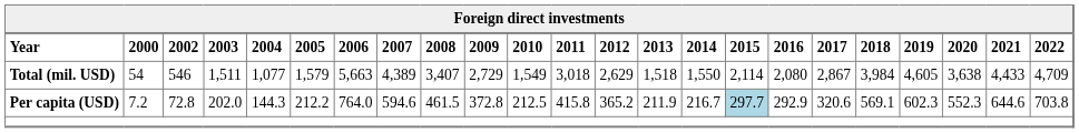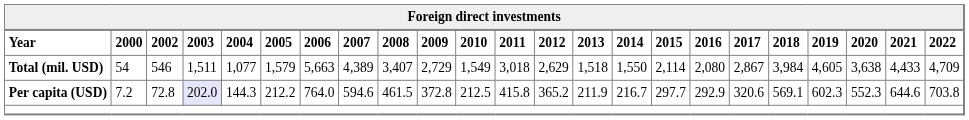 <table border="1" cellpadding="4" cellspacing="0" class="toccolours" style="align:left; margin:1.5em 0 0; border-style:solid; border:1px solid #7f7f7f; border-right-width:2px; border-bottom-width:2px; border-collapse:collapse; font-size:88%;">
 <tr>
 <th colspan=23 style="background: #efefef; border-bottom: 2px solid gray;">Foreign direct investments</th>
 </tr>
 <tr>
 <td><strong>Year</strong></td>
 <td><strong>2000</strong></td>
 <td><strong>2002</strong></td>
 <td><strong>2003</strong></td>
 <td><strong>2004</strong></td>
 <td><strong>2005</strong></td>
 <td><strong>2006</strong></td>
 <td><strong>2007</strong></td>
 <td><strong>2008</strong></td>
 <td><strong>2009</strong></td>
 <td><strong>2010</strong></td>
 <td><strong>2011</strong></td>
 <td><strong>2012</strong></td>
 <td><strong>2013</strong></td>
 <td><strong>2014</strong></td>
 <td><strong>2015</strong></td>
 <td><strong>2016</strong></td>
 <td><strong>2017</strong></td>
 <td><strong>2018</strong></td>
 <td><strong>2019</strong></td>
 <td><strong>2020</strong></td>
 <td><strong>2021</strong></td>
 <td><strong>2022</strong></td>
 </tr>
 <tr>
 <td><strong>Total (mil. USD)</strong></td>
 <td>54</td>
 <td>546</td>
 <td>1,511</td>
 <td>1,077</td>
 <td>1,579</td>
 <td>5,663</td>
 <td>4,389</td>
 <td>3,407</td>
 <td>2,729</td>
 <td>1,549</td>
 <td>3,018</td>
 <td>2,629</td>
 <td>1,518</td>
 <td>1,550</td>
 <td>2,114</td>
 <td>2,080</td>
 <td>2,867</td>
 <td>3,984</td>
 <td>4,605</td>
 <td>3,638</td>
 <td>4,433</td>
 <td>4,709</td>
 </tr>
 <tr>
 <td><strong>Per capita (USD)</strong></td>
 <td>7.2</td>
 <td>72.8</td>
-<td>202.0</td>
+<td style="background: lavender;">202.0</td>
 <td>144.3</td>
 <td>212.2</td>
 <td>764.0</td>
 <td>594.6</td>
 <td>461.5</td>
 <td>372.8</td>
 <td>212.5</td>
 <td>415.8</td>
 <td>365.2</td>
 <td>211.9</td>
 <td>216.7</td>
-<td style="background: lightblue;">297.7</td>
+<td>297.7</td>
 <td>292.9</td>
 <td>320.6</td>
 <td>569.1</td>
 <td>602.3</td>
 <td>552.3</td>
 <td>644.6</td>
 <td>703.8</td>
 </tr>
 <tr>
 <td colspan="23"> </td>
 </tr>
 </table>
